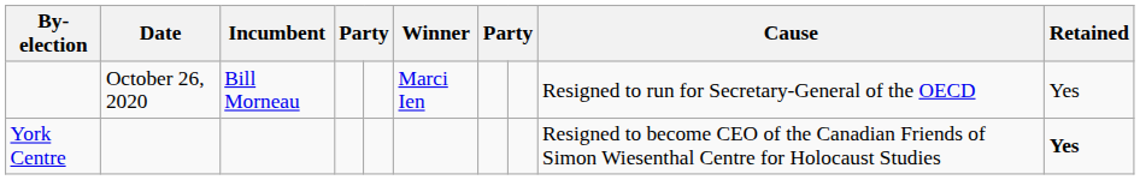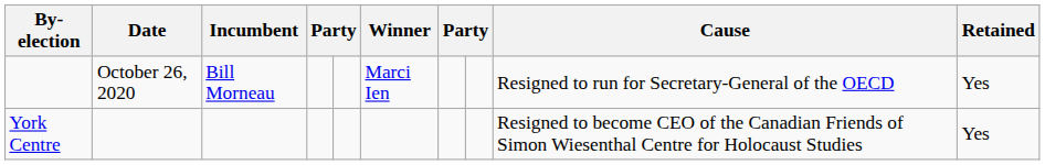 <table class="wikitable">
 <tr>
 <th>By-election</th>
 <th>Date</th>
 <th>Incumbent</th>
 <th colspan=2>Party</th>
 <th>Winner</th>
 <th colspan=2>Party</th>
 <th>Cause</th>
 <th>Retained</th>
 </tr>
 <tr>
 <td></td>
 <td>October 26, 2020</td>
 <td><a href='#'>Bill Morneau</a></td>
 <td></td>
 <td></td>
 <td><a href='#'>Marci Ien</a></td>
 <td></td>
 <td></td>
 <td>Resigned to run for Secretary-General of the <a href='#'>OECD</a></td>
 <td>Yes</td>
 </tr>
 <tr>
 <td><a href='#'>York Centre</a></td>
 <td></td>
 <td></td>
 <td></td>
 <td></td>
 <td></td>
 <td></td>
 <td></td>
 <td>Resigned to become CEO of the Canadian Friends of Simon Wiesenthal Centre for Holocaust Studies</td>
-<td><strong>Yes</strong></td>
+<td>Yes</td>
 </tr>
 </table>
